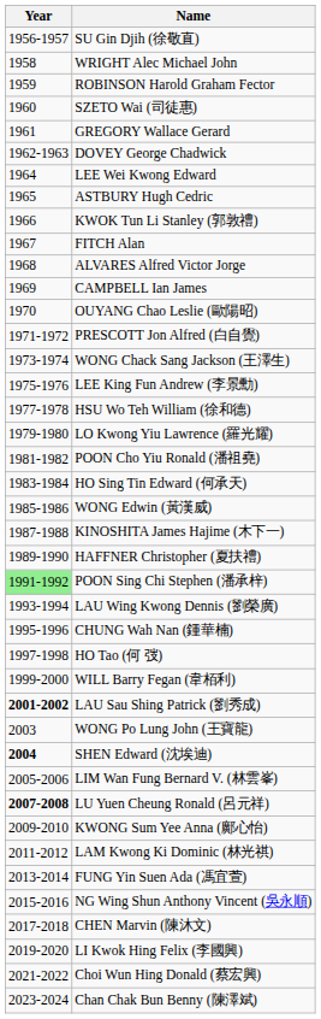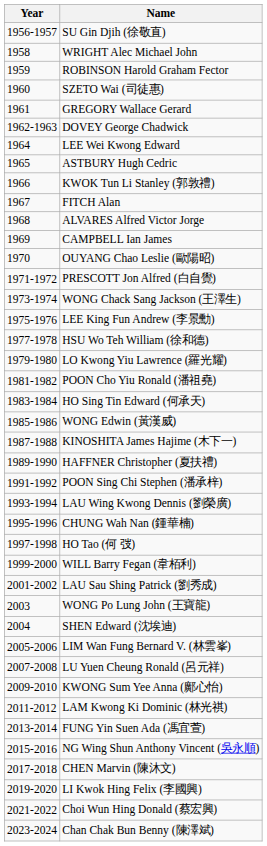 <table class="wikitable">
 <tr>
 <th>Year</th>
 <th>Name</th>
 </tr>
 <tr>
 <td>1956-1957</td>
 <td>SU Gin Djih (徐敬直)</td>
 </tr>
 <tr>
 <td>1958</td>
 <td>WRIGHT Alec Michael John</td>
 </tr>
 <tr>
 <td>1959</td>
 <td>ROBINSON Harold Graham Fector</td>
 </tr>
 <tr>
 <td>1960</td>
 <td>SZETO Wai (司徒惠)</td>
 </tr>
 <tr>
 <td>1961</td>
 <td>GREGORY Wallace Gerard</td>
 </tr>
 <tr>
 <td>1962-1963</td>
 <td>DOVEY George Chadwick</td>
 </tr>
 <tr>
 <td>1964</td>
 <td>LEE Wei Kwong Edward</td>
 </tr>
 <tr>
 <td>1965</td>
 <td>ASTBURY Hugh Cedric</td>
 </tr>
 <tr>
 <td>1966</td>
 <td>KWOK Tun Li Stanley (郭敦禮)</td>
 </tr>
 <tr>
 <td>1967</td>
 <td>FITCH Alan</td>
 </tr>
 <tr>
 <td>1968</td>
 <td>ALVARES Alfred Victor Jorge</td>
 </tr>
 <tr>
 <td>1969</td>
 <td>CAMPBELL Ian James</td>
 </tr>
 <tr>
 <td>1970</td>
 <td>OUYANG Chao Leslie (歐陽昭)</td>
 </tr>
 <tr>
 <td>1971-1972</td>
 <td>PRESCOTT Jon Alfred (白自覺)</td>
 </tr>
 <tr>
 <td>1973-1974</td>
 <td>WONG Chack Sang Jackson (王澤生)</td>
 </tr>
 <tr>
 <td>1975-1976</td>
 <td>LEE King Fun Andrew (李景勳)</td>
 </tr>
 <tr>
 <td>1977-1978</td>
 <td>HSU Wo Teh William (徐和德)</td>
 </tr>
 <tr>
 <td>1979-1980</td>
 <td>LO Kwong Yiu Lawrence (羅光耀)</td>
 </tr>
 <tr>
 <td>1981-1982</td>
 <td>POON Cho Yiu Ronald (潘祖堯)</td>
 </tr>
 <tr>
 <td>1983-1984</td>
 <td>HO Sing Tin Edward (何承天)</td>
 </tr>
 <tr>
 <td>1985-1986</td>
 <td>WONG Edwin (黃漢威)</td>
 </tr>
 <tr>
 <td>1987-1988</td>
 <td>KINOSHITA James Hajime (木下一)</td>
 </tr>
 <tr>
 <td>1989-1990</td>
 <td>HAFFNER Christopher (夏扶禮)</td>
 </tr>
 <tr>
-<td style="background: lightgreen;">1991-1992</td>
+<td>1991-1992</td>
 <td>POON Sing Chi Stephen (潘承梓)</td>
 </tr>
 <tr>
 <td>1993-1994</td>
 <td>LAU Wing Kwong Dennis (劉榮廣)</td>
 </tr>
 <tr>
 <td>1995-1996</td>
 <td>CHUNG Wah Nan (鍾華楠)</td>
 </tr>
 <tr>
 <td>1997-1998</td>
 <td>HO Tao (何 弢)</td>
 </tr>
 <tr>
 <td>1999-2000</td>
 <td>WILL Barry Fegan (韋栢利)</td>
 </tr>
 <tr>
-<td><strong>2001-2002</strong></td>
+<td>2001-2002</td>
 <td>LAU Sau Shing Patrick (劉秀成)</td>
 </tr>
 <tr>
 <td>2003</td>
 <td>WONG Po Lung John (王寶龍)</td>
 </tr>
 <tr>
-<td><strong>2004</strong></td>
+<td>2004</td>
 <td>SHEN Edward (沈埃迪)</td>
 </tr>
 <tr>
 <td>2005-2006</td>
 <td>LIM Wan Fung Bernard V. (林雲峯)</td>
 </tr>
 <tr>
-<td><strong>2007-2008</strong></td>
+<td>2007-2008</td>
 <td>LU Yuen Cheung Ronald (呂元祥)</td>
 </tr>
 <tr>
 <td>2009-2010</td>
 <td>KWONG Sum Yee Anna (鄺心怡)</td>
 </tr>
 <tr>
 <td>2011-2012</td>
 <td>LAM Kwong Ki Dominic (林光祺)</td>
 </tr>
 <tr>
 <td>2013-2014</td>
 <td>FUNG Yin Suen Ada (馮宜萱)</td>
 </tr>
 <tr>
 <td>2015-2016</td>
 <td>NG Wing Shun Anthony Vincent (<a href='#'>吳永順</a>)</td>
 </tr>
 <tr>
 <td>2017-2018</td>
 <td>CHEN Marvin (陳沐文)</td>
 </tr>
 <tr>
 <td>2019-2020</td>
 <td>LI Kwok Hing Felix (李國興)</td>
 </tr>
 <tr>
 <td>2021-2022</td>
 <td>Choi Wun Hing Donald (蔡宏興)</td>
 </tr>
 <tr>
 <td>2023-2024</td>
 <td>Chan Chak Bun Benny (陳澤斌)</td>
 </tr>
 </table>
